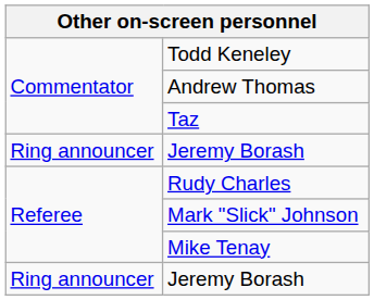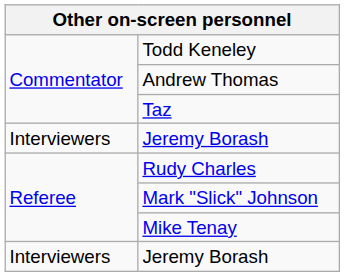 <table align="right" class="wikitable" style="border:1px; font-size:90%; margin-left:1em;">
 <tr>
 <th colspan="2" width="250"><strong>Other on-screen personnel</strong></th>
 </tr>
 <tr>
 <td rowspan=3><a href='#'>Commentator</a></td>
 <td>Todd Keneley</td>
 </tr>
 <tr>
 <td>Andrew Thomas</td>
 </tr>
 <tr>
 <td><a href='#'>Taz</a></td>
 </tr>
 <tr>
-<td><a href='#'>Ring announcer</a></td>
+<td rowspan=1>Interviewers</td>
 <td><a href='#'>Jeremy Borash</a></td>
 </tr>
 <tr>
 <td rowspan=3><a href='#'>Referee</a></td>
 <td><a href='#'>Rudy Charles</a></td>
 </tr>
 <tr>
 <td><a href='#'>Mark "Slick" Johnson</a></td>
 </tr>
 <tr>
 <td><a href='#'>Mike Tenay</a></td>
 </tr>
 <tr>
-<td><a href='#'>Ring announcer</a></td>
+<td rowspan=1>Interviewers</td>
 <td>Jeremy Borash</td>
 </tr>
 <tr>
 </tr>
 </table>
